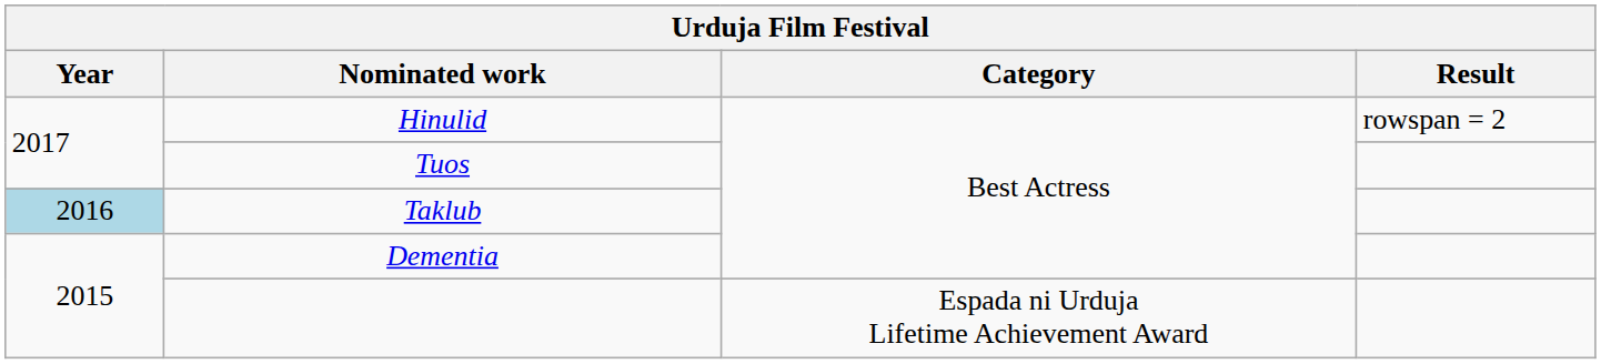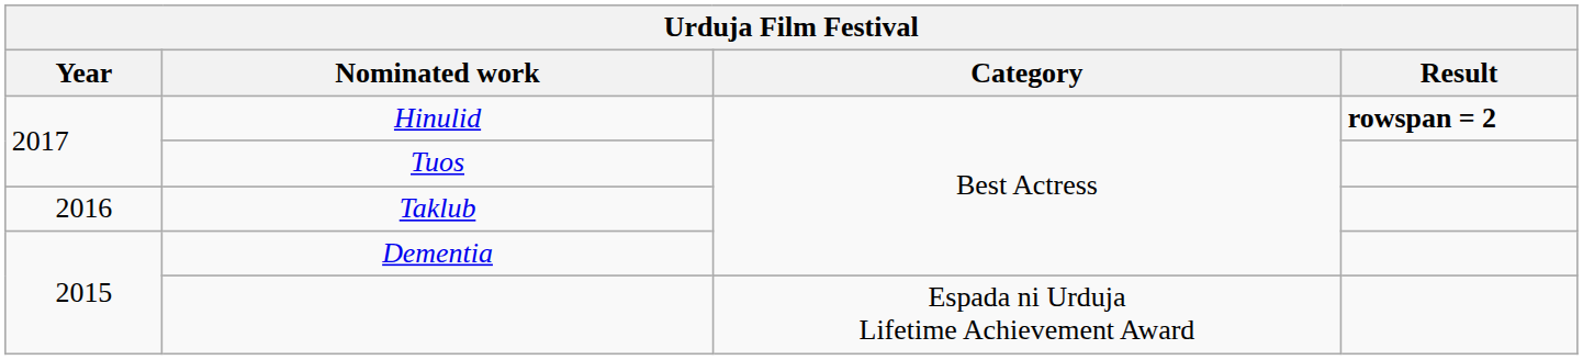 <table width="70%" class="wikitable sortable">
 <tr>
 <th colspan="4" align="center"><strong>Urduja Film Festival</strong></th>
 </tr>
 <tr>
 <th width="10%">Year</th>
 <th width="35%">Nominated work</th>
 <th width="40%">Category</th>
 <th width="15%">Result</th>
 </tr>
 <tr>
 <td rowspan = 2align="center">2017</td>
 <td align="center"><em><a href='#'>Hinulid</a></em></td>
 <td rowspan =  4 align="center">Best Actress</td>
-<td>rowspan = 2 </td>
+<td><strong>rowspan = 2 </strong></td>
 </tr>
 <tr>
 <td align="center"><em><a href='#'>Tuos</a></em></td>
 </tr>
 <tr>
-<td align="center" style="background: lightblue;">2016</td>
+<td align="center">2016</td>
 <td align="center"><em><a href='#'>Taklub</a></em></td>
 <td></td>
 </tr>
 <tr>
 <td rowspan = 2 align="center">2015</td>
 <td align="center"><em><a href='#'>Dementia</a></em></td>
 <td></td>
 </tr>
 <tr>
 <td align="center"></td>
 <td align="center">Espada ni Urduja<br>Lifetime Achievement Award</td>
 <td></td>
 </tr>
 </table>
